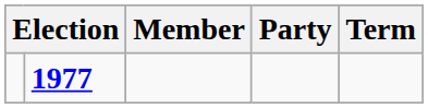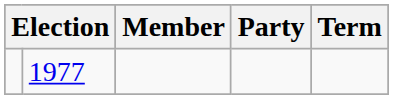 <table class="wikitable">
 <tr>
 <th colspan="2">Election</th>
 <th>Member</th>
 <th>Party</th>
 <th>Term</th>
 </tr>
 <tr>
 <td style="background-color: "></td>
-<td><strong><a href='#'>1977</a></strong></td>
+<td><a href='#'>1977</a></td>
 <td></td>
 <td></td>
 <td></td>
 </tr>
 </table>
